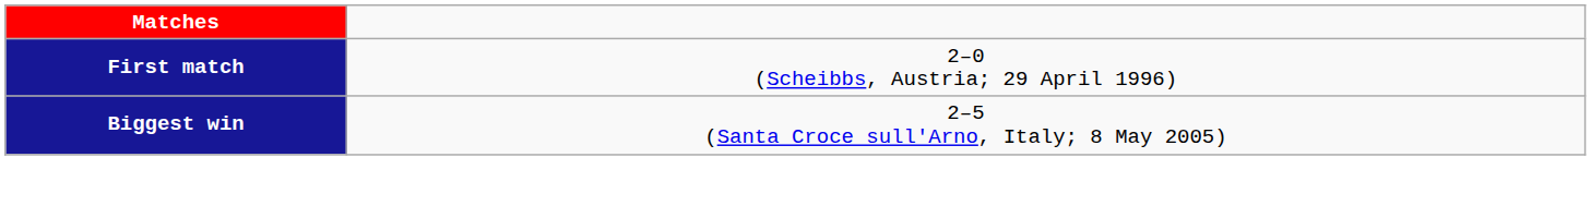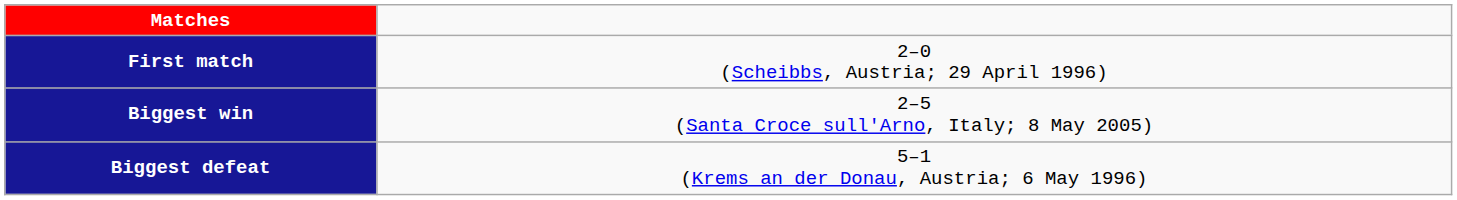 <table class="wikitable collapsible" style="width:50%; text-align:center;">
 <tr>
 <th style="background:#ff0000; color:white; "><strong>Matches</strong></th>
 </tr>
 <tr>
 <th style="background:#171796; color:white; ">First match</th>
 <td> 2–0 <br>(<a href='#'>Scheibbs</a>, Austria; 29 April 1996)</td>
 </tr>
 <tr>
 <th style="background:#171796; color:white; ">Biggest win</th>
 <td> 2–5 <br>(<a href='#'>Santa Croce sull'Arno</a>, Italy; 8 May 2005)</td>
 </tr>
+<tr>
+<th style="background:#171796; color:white; ">Biggest defeat</th>
+<td> 5–1 <br>(<a href='#'>Krems an der Donau</a>, Austria; 6 May 1996)</td>
+</tr>
 </table>
